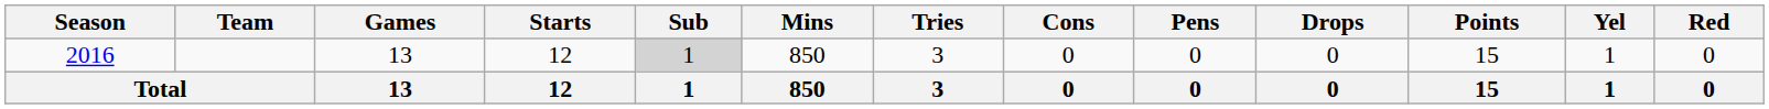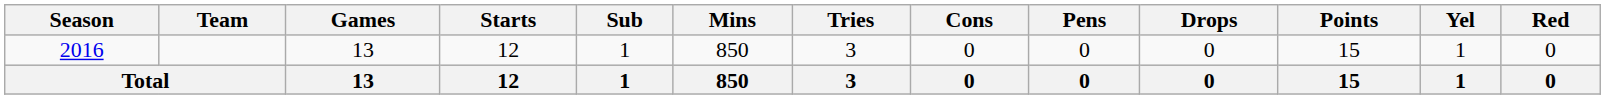 <table class="wikitable" style="text-align:center; line-height:90%; font-size:95%; width:70%;">
 <tr>
 <th>Season</th>
 <th>Team</th>
 <th>Games</th>
 <th>Starts</th>
 <th>Sub</th>
 <th>Mins</th>
 <th>Tries</th>
 <th>Cons</th>
 <th>Pens</th>
 <th>Drops</th>
 <th>Points</th>
 <th>Yel</th>
 <th>Red</th>
 </tr>
 <tr>
 <td><a href='#'>2016</a></td>
 <td></td>
 <td>13</td>
 <td>12</td>
-<td style="background: lightgrey;">1</td>
+<td>1</td>
 <td>850</td>
 <td>3</td>
 <td>0</td>
 <td>0</td>
 <td>0</td>
 <td>15</td>
 <td>1</td>
 <td>0</td>
 </tr>
 <tr>
 <th colspan="2">Total</th>
 <th>13</th>
 <th>12</th>
 <th>1</th>
 <th>850</th>
 <th>3</th>
 <th>0</th>
 <th>0</th>
 <th>0</th>
 <th>15</th>
 <th>1</th>
 <th>0</th>
 </tr>
 </table>
